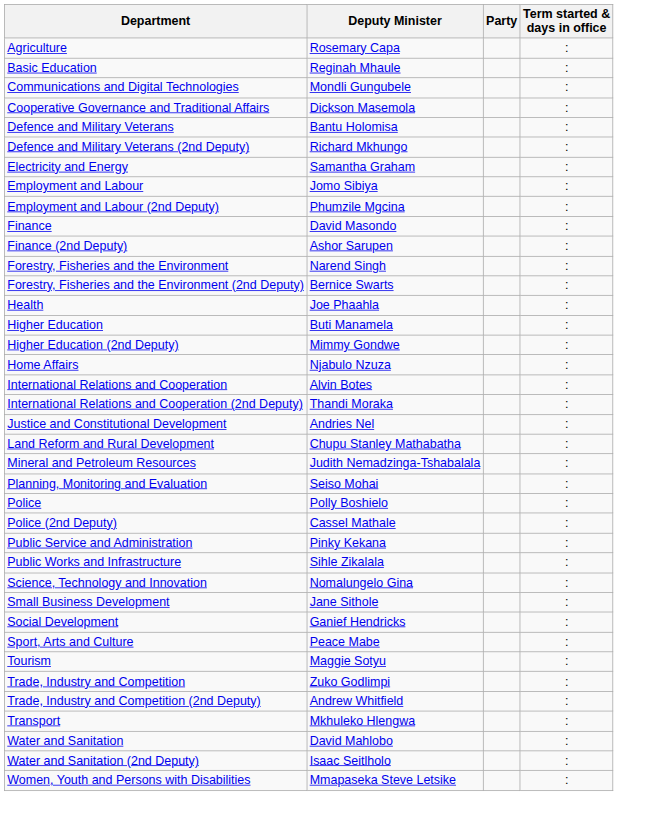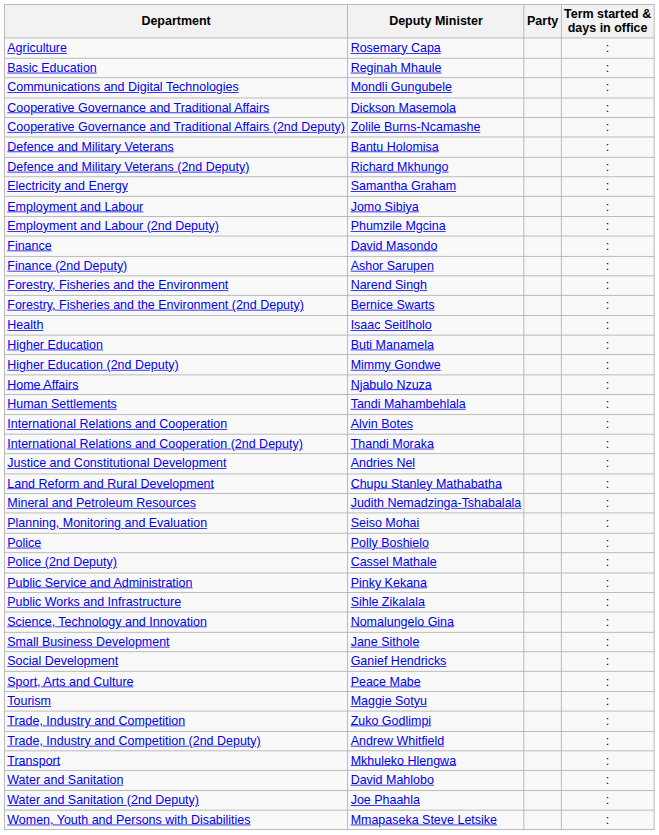 <table class="wikitable">
 <tr>
 <th>Department</th>
 <th>Deputy Minister</th>
 <th>Party</th>
 <th>Term started &<br>days in office</th>
 </tr>
 <tr>
 <td><a href='#'>Agriculture</a></td>
 <td><a href='#'>Rosemary Capa</a></td>
 <td ! rowspan="1" style="color:#F2F3F4;background:"></td>
 <td align="center">: <em></em></td>
 </tr>
 <tr>
 <td><a href='#'>Basic Education</a></td>
 <td><a href='#'>Reginah Mhaule</a></td>
 <td ! rowspan="1" style="color:#F2F3F4;background:"></td>
 <td align="center">: <em></em></td>
 </tr>
 <tr>
 <td><a href='#'>Communications and Digital Technologies</a></td>
 <td><a href='#'>Mondli Gungubele</a></td>
 <td ! rowspan="1" style="color:#F2F3F4;background:"></td>
 <td align="center">: <em></em></td>
 </tr>
 <tr>
 <td><a href='#'>Cooperative Governance and Traditional Affairs</a></td>
 <td><a href='#'>Dickson Masemola</a></td>
 <td ! rowspan="1" style="color:#F2F3F4;background:"></td>
+<td align="center">: <em></em></td>
+</tr>
+<tr>
+<td><a href='#'>Cooperative Governance and Traditional Affairs (2nd Deputy)</a></td>
+<td><a href='#'>Zolile Burns-Ncamashe</a></td>
+<td rowspan="1" style="color:#F2F3F4;background:"></td>
 <td align="center">: <em></em></td>
 </tr>
 <tr>
 <td><a href='#'>Defence and Military Veterans</a></td>
 <td><a href='#'>Bantu Holomisa</a></td>
 <td ! rowspan="1" style="color:#F2F3F4;background:"></td>
 <td align="center">: <em></em></td>
 </tr>
 <tr>
 <td><a href='#'>Defence and Military Veterans (2nd Deputy)</a></td>
 <td><a href='#'>Richard Mkhungo</a></td>
 <td ! rowspan="1" style="color:#F2F3F4;background:"></td>
 <td align="center">: <em></em></td>
 </tr>
 <tr>
 <td><a href='#'>Electricity and Energy</a></td>
 <td><a href='#'>Samantha Graham</a></td>
 <td ! rowspan="1" style="color:#F2F3F4;background:"></td>
 <td align="center">: <em></em></td>
 </tr>
 <tr>
 <td><a href='#'>Employment and Labour</a></td>
 <td><a href='#'>Jomo Sibiya</a></td>
 <td ! rowspan="1" style="color:#F2F3F4;background:"></td>
 <td align="center">: <em></em></td>
 </tr>
 <tr>
 <td><a href='#'>Employment and Labour (2nd Deputy)</a></td>
 <td><a href='#'>Phumzile Mgcina</a></td>
 <td ! rowspan="1" style="color:#F2F3F4;background:"></td>
 <td align="center">: <em></em></td>
 </tr>
 <tr>
 <td><a href='#'>Finance</a></td>
 <td><a href='#'>David Masondo</a></td>
 <td ! rowspan="1" style="color:#F2F3F4;background:"></td>
 <td align="center">: <em></em></td>
 </tr>
 <tr>
 <td><a href='#'>Finance (2nd Deputy)</a></td>
 <td><a href='#'>Ashor Sarupen</a></td>
 <td ! rowspan="1" style="color:#F2F3F4;background:"></td>
 <td align="center">: <em></em></td>
 </tr>
 <tr>
 <td><a href='#'>Forestry, Fisheries and the Environment</a></td>
 <td><a href='#'>Narend Singh</a></td>
 <td ! rowspan="1" style="color:#F2F3F4;background:"></td>
 <td align="center">: <em></em></td>
 </tr>
 <tr>
 <td><a href='#'>Forestry, Fisheries and the Environment (2nd Deputy)</a></td>
 <td><a href='#'>Bernice Swarts</a></td>
 <td ! rowspan="1" style="color:#F2F3F4;background:"></td>
 <td align="center">: <em></em></td>
 </tr>
 <tr>
 <td><a href='#'>Health</a></td>
-<td><a href='#'>Joe Phaahla</a></td>
+<td><a href='#'>Isaac Seitlholo</a></td>
 <td ! rowspan="1" style="color:#F2F3F4;background:"></td>
 <td align="center">: <em></em></td>
 </tr>
 <tr>
 <td><a href='#'>Higher Education</a></td>
 <td><a href='#'>Buti Manamela</a></td>
 <td ! rowspan="1" style="color:#F2F3F4;background:"></td>
 <td align="center">: <em></em></td>
 </tr>
 <tr>
 <td><a href='#'>Higher Education (2nd Deputy)</a></td>
 <td><a href='#'>Mimmy Gondwe</a></td>
 <td ! rowspan="1" style="color:#F2F3F4;background:"></td>
 <td align="center">: <em></em></td>
 </tr>
 <tr>
 <td><a href='#'>Home Affairs</a></td>
 <td><a href='#'>Njabulo Nzuza</a></td>
+<td ! rowspan="1" style="color:#F2F3F4;background:"></td>
+<td align="center">: <em></em></td>
+</tr>
+<tr>
+<td><a href='#'>Human Settlements</a></td>
+<td><a href='#'>Tandi Mahambehlala</a></td>
 <td ! rowspan="1" style="color:#F2F3F4;background:"></td>
 <td align="center">: <em></em></td>
 </tr>
 <tr>
 <td><a href='#'>International Relations and Cooperation</a></td>
 <td><a href='#'>Alvin Botes</a></td>
 <td ! rowspan="1" style="color:#F2F3F4;background:"></td>
 <td align="center">: <em></em></td>
 </tr>
 <tr>
 <td><a href='#'>International Relations and Cooperation (2nd Deputy)</a></td>
 <td><a href='#'>Thandi Moraka</a></td>
 <td ! rowspan="1" style="color:#F2F3F4;background:"></td>
 <td align="center">: <em></em></td>
 </tr>
 <tr>
 <td><a href='#'>Justice and Constitutional Development</a></td>
 <td><a href='#'>Andries Nel</a></td>
 <td ! rowspan="1" style="color:#F2F3F4;background:"></td>
 <td align="center">: <em></em></td>
 </tr>
 <tr>
 <td><a href='#'>Land Reform and Rural Development</a></td>
 <td><a href='#'>Chupu Stanley Mathabatha</a></td>
 <td ! rowspan="1" style="color:#F2F3F4;background:"></td>
 <td align="center">: <em></em></td>
 </tr>
 <tr>
 <td><a href='#'>Mineral and Petroleum Resources</a></td>
 <td><a href='#'>Judith Nemadzinga-Tshabalala</a></td>
 <td ! rowspan="1" style="color:#F2F3F4;background:"></td>
 <td align="center">: <em></em></td>
 </tr>
 <tr>
 <td><a href='#'>Planning, Monitoring and Evaluation</a></td>
 <td><a href='#'>Seiso Mohai</a></td>
 <td ! rowspan="1" style="color:#F2F3F4;background:"></td>
 <td align="center">: <em></em></td>
 </tr>
 <tr>
 <td><a href='#'>Police</a></td>
 <td><a href='#'>Polly Boshielo</a></td>
 <td ! rowspan="1" style="color:#F2F3F4;background:"></td>
 <td align="center">: <em></em></td>
 </tr>
 <tr>
 <td><a href='#'>Police (2nd Deputy)</a></td>
 <td><a href='#'>Cassel Mathale</a></td>
 <td ! rowspan="1" style="color:#F2F3F4;background:"></td>
 <td align="center">: <em></em></td>
 </tr>
 <tr>
 <td><a href='#'>Public Service and Administration</a></td>
 <td><a href='#'>Pinky Kekana</a></td>
 <td ! rowspan="1" style="color:#F2F3F4;background:"></td>
 <td align="center">: <em></em></td>
 </tr>
 <tr>
 <td><a href='#'>Public Works and Infrastructure</a></td>
 <td><a href='#'>Sihle Zikalala</a></td>
 <td ! rowspan="1" style="color:#F2F3F4;background:"></td>
 <td align="center">: <em></em></td>
 </tr>
 <tr>
 <td><a href='#'>Science, Technology and Innovation</a></td>
 <td><a href='#'>Nomalungelo Gina</a></td>
 <td ! rowspan="1" style="color:#F2F3F4;background:"></td>
 <td align="center">: <em></em></td>
 </tr>
 <tr>
 <td><a href='#'>Small Business Development</a></td>
 <td><a href='#'>Jane Sithole</a></td>
 <td ! rowspan="1" style="color:#F2F3F4;background:"></td>
 <td align="center">: <em></em></td>
 </tr>
 <tr>
 <td><a href='#'>Social Development</a></td>
 <td><a href='#'>Ganief Hendricks</a></td>
 <td ! rowspan="1" style="color:#F2F3F4;background:"></td>
 <td align="center">: <em></em></td>
 </tr>
 <tr>
 <td><a href='#'>Sport, Arts and Culture</a></td>
 <td><a href='#'>Peace Mabe</a></td>
 <td ! rowspan="1" style="color:#F2F3F4;background:"></td>
 <td align="center">: <em></em></td>
 </tr>
 <tr>
 <td><a href='#'>Tourism</a></td>
 <td><a href='#'>Maggie Sotyu</a></td>
 <td ! rowspan="1" style="color:#F2F3F4;background:"></td>
 <td align="center">: <em></em></td>
 </tr>
 <tr>
 <td><a href='#'>Trade, Industry and Competition</a></td>
 <td><a href='#'>Zuko Godlimpi</a></td>
 <td ! rowspan="1" style="color:#F2F3F4;background:"></td>
 <td align="center">: <em></em></td>
 </tr>
 <tr>
 <td><a href='#'>Trade, Industry and Competition (2nd Deputy)</a></td>
 <td><a href='#'>Andrew Whitfield</a></td>
 <td ! rowspan="1" style="color:#F2F3F4;background:"></td>
 <td align="center">: <em></em></td>
 </tr>
 <tr>
 <td><a href='#'>Transport</a></td>
 <td><a href='#'>Mkhuleko Hlengwa</a></td>
 <td ! rowspan="1" style="color:#F2F3F4;background:"></td>
 <td align="center">: <em></em></td>
 </tr>
 <tr>
 <td><a href='#'>Water and Sanitation</a></td>
 <td><a href='#'>David Mahlobo</a></td>
 <td ! rowspan="1" style="color:#F2F3F4;background:"></td>
 <td align="center">: <em></em></td>
 </tr>
 <tr>
 <td><a href='#'>Water and Sanitation (2nd Deputy)</a></td>
-<td><a href='#'>Isaac Seitlholo</a></td>
+<td><a href='#'>Joe Phaahla</a></td>
 <td ! rowspan="1" style="color:#F2F3F4;background:"></td>
 <td align="center">: <em></em></td>
 </tr>
 <tr>
 <td><a href='#'>Women, Youth and Persons with Disabilities</a></td>
 <td><a href='#'>Mmapaseka Steve Letsike</a></td>
 <td ! rowspan="1" style="color:#F2F3F4;background:"></td>
 <td align="center">: <em></em></td>
 </tr>
 </table>
